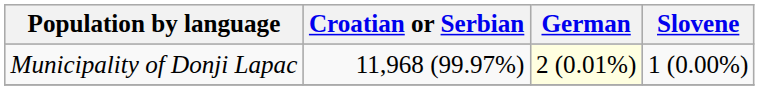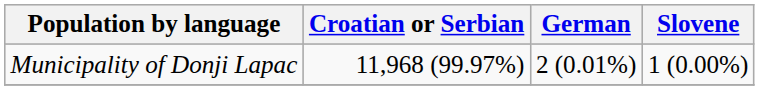 <table class="wikitable sortable">
 <tr>
 <th>Population by language</th>
 <th><a href='#'>Croatian</a> or <a href='#'>Serbian</a></th>
 <th><a href='#'>German</a></th>
 <th><a href='#'>Slovene</a></th>
 </tr>
 <tr>
 <td><em>Municipality of Donji Lapac</em></td>
 <td align="right">11,968 (99.97%)</td>
-<td align="right" style="background: lightyellow;">2 (0.01%)</td>
+<td align="right">2 (0.01%)</td>
 <td align="right">1 (0.00%)</td>
 </tr>
 <tr>
 </tr>
 </table>
